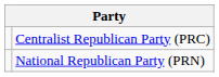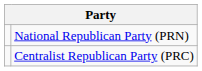 <table class="wikitable" style="text-align:left;">
 <tr>
 <th colspan="2">Party</th>
 </tr>
 <tr>
+<td width="1"></td>
+<td><a href='#'>National Republican Party</a> (PRN)</td>
+</tr>
+<tr>
 <td></td>
 <td><a href='#'>Centralist Republican Party</a> (PRC)</td>
 </tr>
-<tr>
-<td width="1"></td>
-<td><a href='#'>National Republican Party</a> (PRN)</td>
-</tr>
 </table>
